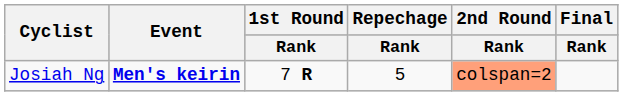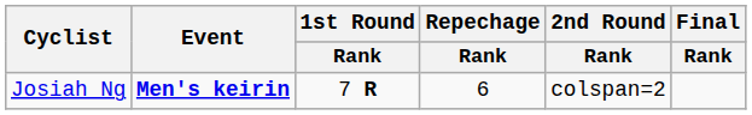 <table class="wikitable" style="font-size:90%">
 <tr>
 <th rowspan=2>Cyclist</th>
 <th rowspan=2>Event</th>
 <th>1st Round</th>
 <th>Repechage</th>
 <th>2nd Round</th>
 <th>Final</th>
 </tr>
 <tr style="font-size:95%">
 <th>Rank</th>
 <th>Rank</th>
 <th>Rank</th>
 <th>Rank</th>
 </tr>
 <tr align=center>
 <td align=left><a href='#'>Josiah Ng</a></td>
 <td align=left><strong><a href='#'>Men's keirin</a></strong></td>
 <td>7 <strong>R</strong></td>
-<td>5</td>
-<td style="background: lightsalmon;">colspan=2 </td>
+<td>6</td>
+<td>colspan=2 </td>
 </tr>
 </table>
